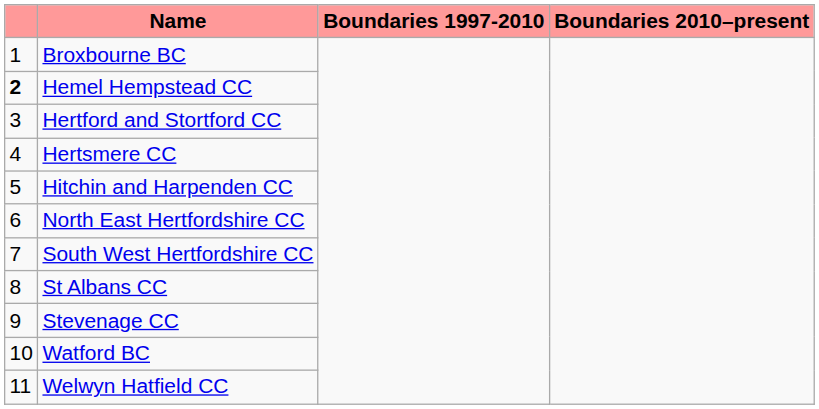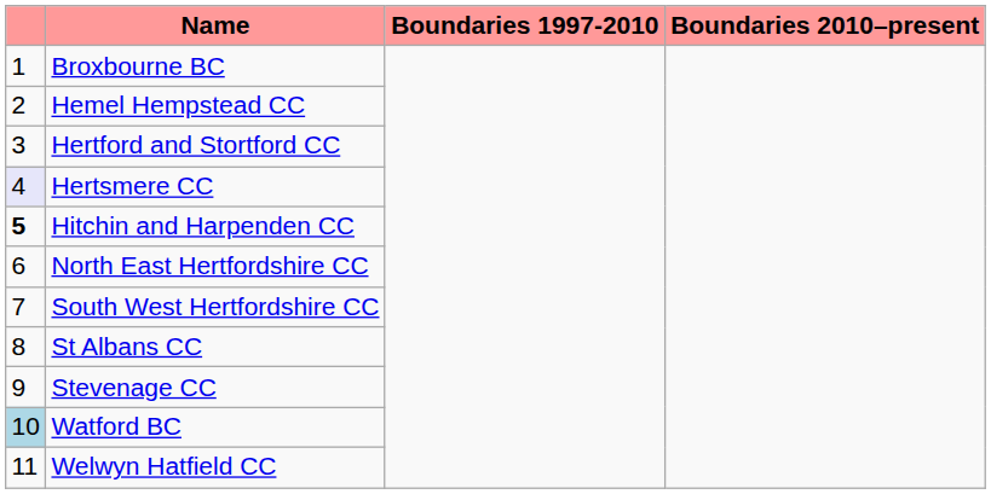 <table class="wikitable">
 <tr>
 <th style="background-color:#ff9999"></th>
 <th style="background-color:#ff9999">Name</th>
 <th style="background-color:#ff9999">Boundaries 1997-2010</th>
 <th style="background-color:#ff9999">Boundaries 2010–present</th>
 </tr>
 <tr>
 <td>1</td>
 <td><a href='#'>Broxbourne BC</a></td>
 <td rowspan="11"></td>
 <td rowspan="11"></td>
 </tr>
 <tr>
-<td><strong>2</strong></td>
+<td>2</td>
 <td><a href='#'>Hemel Hempstead CC</a></td>
 </tr>
 <tr>
 <td>3</td>
 <td><a href='#'>Hertford and Stortford CC</a></td>
 </tr>
 <tr>
-<td>4</td>
+<td style="background: lavender;">4</td>
 <td><a href='#'>Hertsmere CC</a></td>
 </tr>
 <tr>
-<td>5</td>
+<td><strong>5</strong></td>
 <td><a href='#'>Hitchin and Harpenden CC</a></td>
 </tr>
 <tr>
 <td>6</td>
 <td><a href='#'>North East Hertfordshire CC</a></td>
 </tr>
 <tr>
 <td>7</td>
 <td><a href='#'>South West Hertfordshire CC</a></td>
 </tr>
 <tr>
 <td>8</td>
 <td><a href='#'>St Albans CC</a></td>
 </tr>
 <tr>
 <td>9</td>
 <td><a href='#'>Stevenage CC</a></td>
 </tr>
 <tr>
-<td>10</td>
+<td style="background: lightblue;">10</td>
 <td><a href='#'>Watford BC</a></td>
 </tr>
 <tr>
 <td>11</td>
 <td><a href='#'>Welwyn Hatfield CC</a></td>
 </tr>
 </table>
